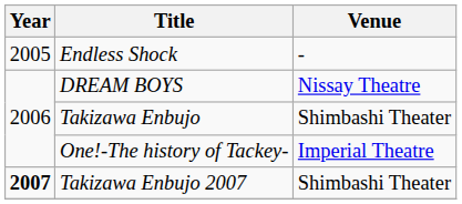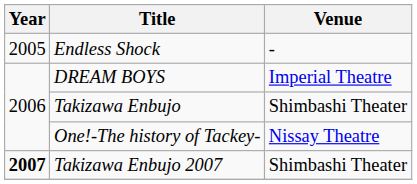 <table class="wikitable">
 <tr>
 <th>Year</th>
 <th>Title</th>
 <th>Venue</th>
 </tr>
 <tr>
 <td>2005</td>
 <td><em>Endless Shock</em></td>
 <td>-</td>
 </tr>
 <tr>
 <td rowspan="3">2006</td>
 <td><em>DREAM BOYS</em></td>
-<td><a href='#'>Nissay Theatre</a></td>
+<td><a href='#'>Imperial Theatre</a></td>
 </tr>
 <tr>
 <td><em>Takizawa Enbujo</em></td>
 <td>Shimbashi Theater</td>
 </tr>
 <tr>
 <td><em>One!-The history of Tackey-</em></td>
-<td><a href='#'>Imperial Theatre</a></td>
+<td><a href='#'>Nissay Theatre</a></td>
 </tr>
 <tr>
 <td><strong>2007</strong></td>
 <td><em>Takizawa Enbujo 2007</em></td>
 <td>Shimbashi Theater</td>
 </tr>
 <tr>
 </tr>
 </table>
